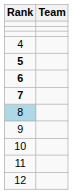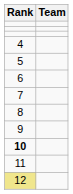 <table class="wikitable" style="text-align: center;">
 <tr>
 <th width=40>Rank</th>
 <th>Team</th>
 </tr>
 <tr align=center>
 <td></td>
 <td style="text-align:left;"></td>
 </tr>
 <tr align=center>
 <td></td>
 <td style="text-align:left;"></td>
 </tr>
 <tr align=center>
 <td></td>
 <td style="text-align:left;"></td>
 </tr>
 <tr align=center>
 <td>4</td>
 <td style="text-align:left;"></td>
 </tr>
 <tr align=center>
-<td><strong>5</strong></td>
+<td>5</td>
 <td style="text-align:left;"></td>
 </tr>
 <tr align=center>
-<td><strong>6</strong></td>
+<td>6</td>
 <td style="text-align:left;"></td>
 </tr>
 <tr align=center>
-<td><strong>7</strong></td>
+<td>7</td>
 <td style="text-align:left;"></td>
 </tr>
 <tr align=center>
-<td style="background: lightblue;">8</td>
+<td>8</td>
 <td style="text-align:left;"></td>
 </tr>
 <tr align=center>
 <td>9</td>
 <td style="text-align:left;"></td>
 </tr>
 <tr align=center>
-<td>10</td>
+<td><strong>10</strong></td>
 <td style="text-align:left;"></td>
 </tr>
 <tr align=center>
 <td>11</td>
 <td style="text-align:left;"></td>
 </tr>
 <tr align=center>
-<td>12</td>
+<td style="background: khaki;">12</td>
 <td style="text-align:left;"></td>
 </tr>
 </table>
